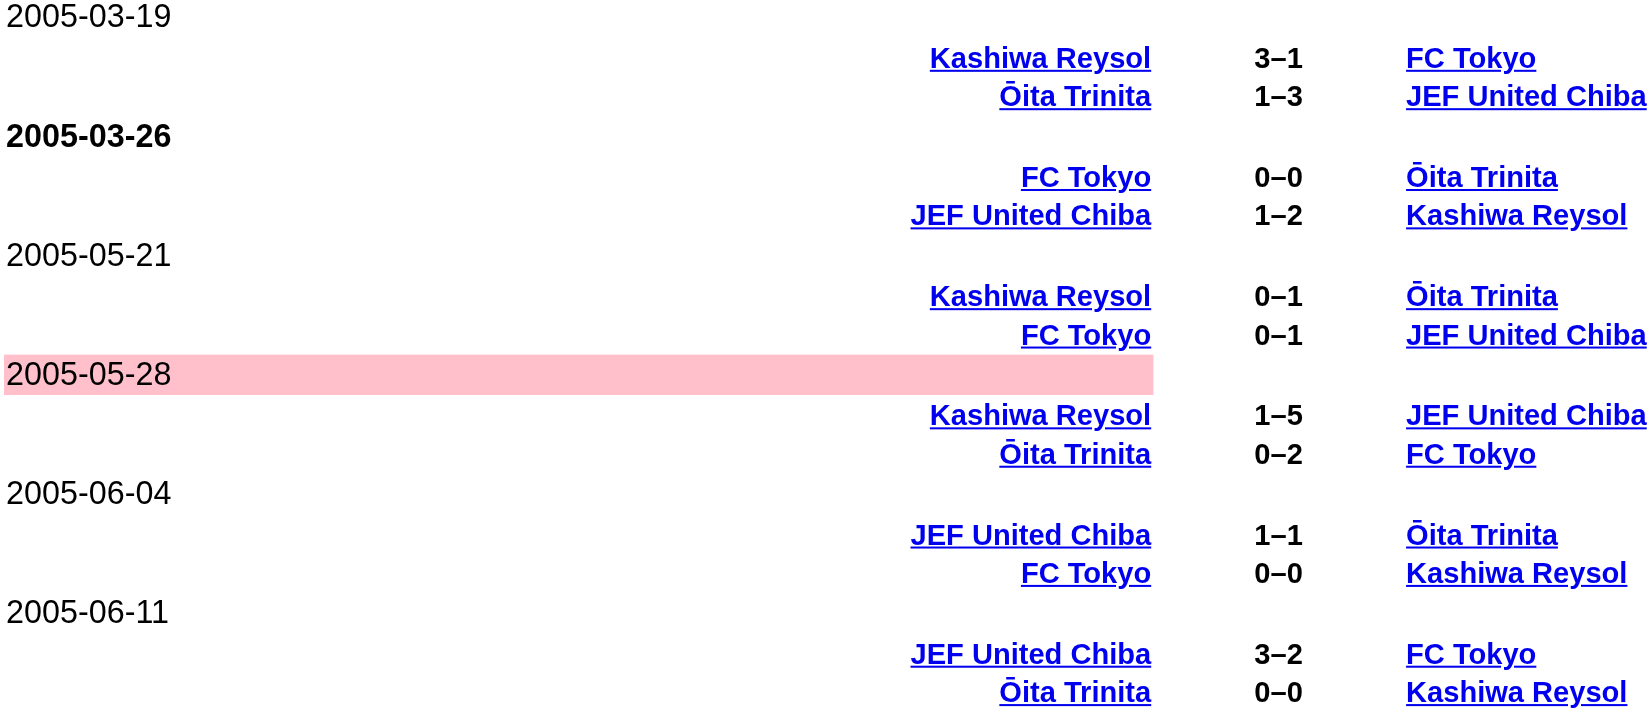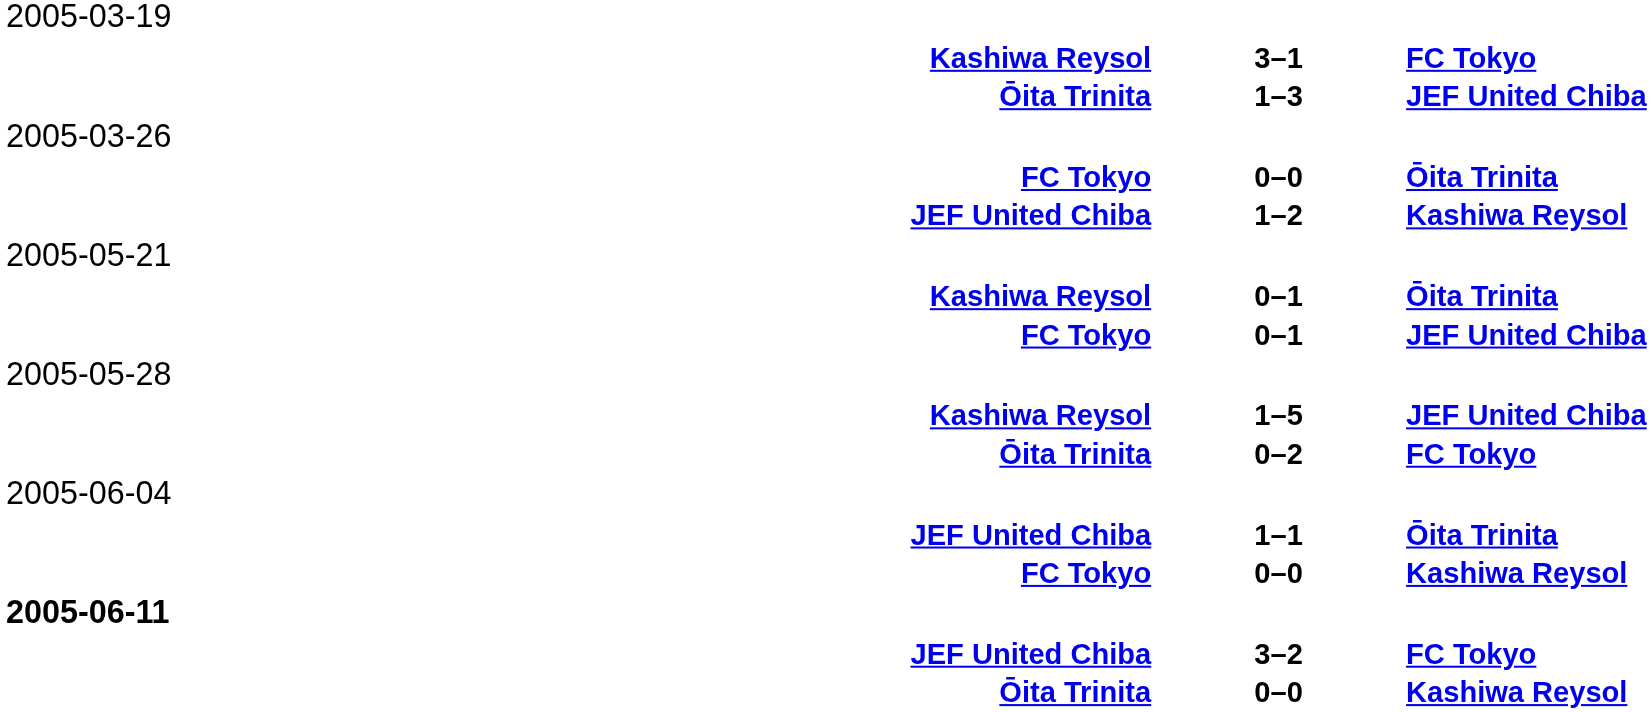 <table width=100% cellspacing=1>
 <tr>
 <th></th>
 <th></th>
 <th></th>
 </tr>
 <tr>
 <td>2005-03-19</td>
 </tr>
 <tr style=font-size:90%>
 <td align=right><strong><a href='#'>Kashiwa Reysol</a></strong></td>
 <td align=center><strong>3–1</strong></td>
 <td><strong><a href='#'>FC Tokyo</a></strong></td>
 </tr>
 <tr style=font-size:90%>
 <td align=right><strong><a href='#'>Ōita Trinita</a></strong></td>
 <td align=center><strong>1–3</strong></td>
 <td><strong><a href='#'>JEF United Chiba</a></strong></td>
 </tr>
 <tr>
-<td><strong>2005-03-26</strong></td>
+<td>2005-03-26</td>
 </tr>
 <tr style=font-size:90%>
 <td align=right><strong><a href='#'>FC Tokyo</a></strong></td>
 <td align=center><strong>0–0</strong></td>
 <td><strong><a href='#'>Ōita Trinita</a></strong></td>
 </tr>
 <tr style=font-size:90%>
 <td align=right><strong><a href='#'>JEF United Chiba</a></strong></td>
 <td align=center><strong>1–2</strong></td>
 <td><strong><a href='#'>Kashiwa Reysol</a></strong></td>
 </tr>
 <tr>
 <td>2005-05-21</td>
 </tr>
 <tr style=font-size:90%>
 <td align=right><strong><a href='#'>Kashiwa Reysol</a></strong></td>
 <td align=center><strong>0–1</strong></td>
 <td><strong><a href='#'>Ōita Trinita</a></strong></td>
 </tr>
 <tr style=font-size:90%>
 <td align=right><strong><a href='#'>FC Tokyo</a></strong></td>
 <td align=center><strong>0–1</strong></td>
 <td><strong><a href='#'>JEF United Chiba</a></strong></td>
 </tr>
 <tr>
-<td style="background: pink;">2005-05-28</td>
+<td>2005-05-28</td>
 </tr>
 <tr style=font-size:90%>
 <td align=right><strong><a href='#'>Kashiwa Reysol</a></strong></td>
 <td align=center><strong>1–5</strong></td>
 <td><strong><a href='#'>JEF United Chiba</a></strong></td>
 </tr>
 <tr style=font-size:90%>
 <td align=right><strong><a href='#'>Ōita Trinita</a></strong></td>
 <td align=center><strong>0–2</strong></td>
 <td><strong><a href='#'>FC Tokyo</a></strong></td>
 </tr>
 <tr>
 <td>2005-06-04</td>
 </tr>
 <tr style=font-size:90%>
 <td align=right><strong><a href='#'>JEF United Chiba</a></strong></td>
 <td align=center><strong>1–1</strong></td>
 <td><strong><a href='#'>Ōita Trinita</a></strong></td>
 </tr>
 <tr style=font-size:90%>
 <td align=right><strong><a href='#'>FC Tokyo</a></strong></td>
 <td align=center><strong>0–0</strong></td>
 <td><strong><a href='#'>Kashiwa Reysol</a></strong></td>
 </tr>
 <tr>
-<td>2005-06-11</td>
+<td><strong>2005-06-11</strong></td>
 </tr>
 <tr style=font-size:90%>
 <td align=right><strong><a href='#'>JEF United Chiba</a></strong></td>
 <td align=center><strong>3–2</strong></td>
 <td><strong><a href='#'>FC Tokyo</a></strong></td>
 </tr>
 <tr style=font-size:90%>
 <td align=right><strong><a href='#'>Ōita Trinita</a></strong></td>
 <td align=center><strong>0–0</strong></td>
 <td><strong><a href='#'>Kashiwa Reysol</a></strong></td>
 </tr>
 </table>
